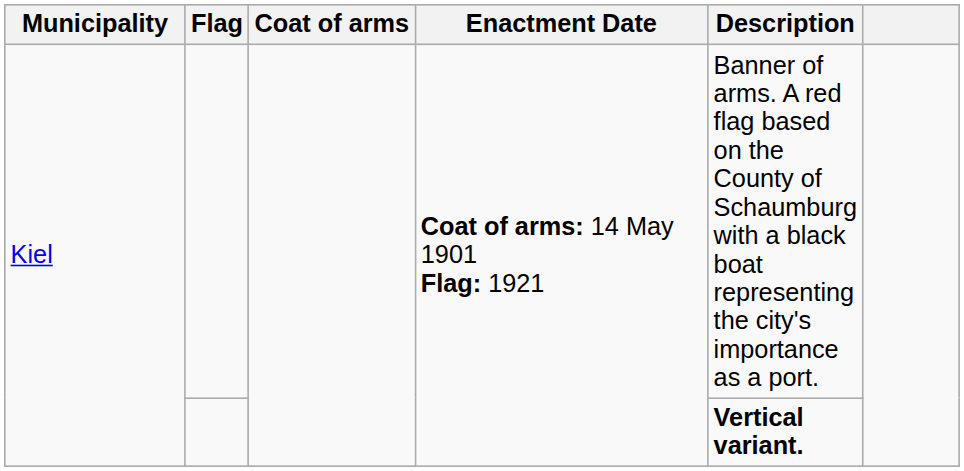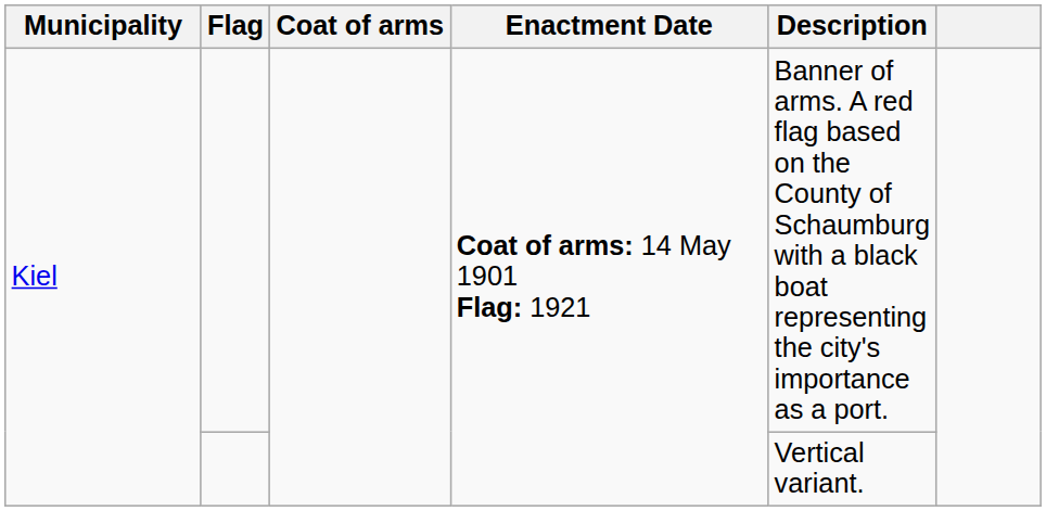 <table class="wikitable">
 <tr>
 <th style="width:12ch;">Municipality</th>
 <th>Flag</th>
 <th>Coat of arms</th>
 <th style="width:20ch;">Enactment Date</th>
 <th style="width:6ch;">Description</th>
 <th style="width:6ch;"></th>
 </tr>
 <tr>
 <td rowspan="2"><a href='#'>Kiel</a></td>
 <td></td>
 <td rowspan="2"></td>
 <td rowspan="2"><strong>Coat of arms:</strong> 14 May 1901<br><strong>Flag:</strong> 1921</td>
 <td>Banner of arms. A red flag based on the County of Schaumburg with a black boat representing the city's importance as a port.</td>
 <td rowspan="2"></td>
 </tr>
 <tr>
 <td></td>
-<td><strong>Vertical variant.</strong></td>
+<td>Vertical variant.</td>
 </tr>
 </table>
